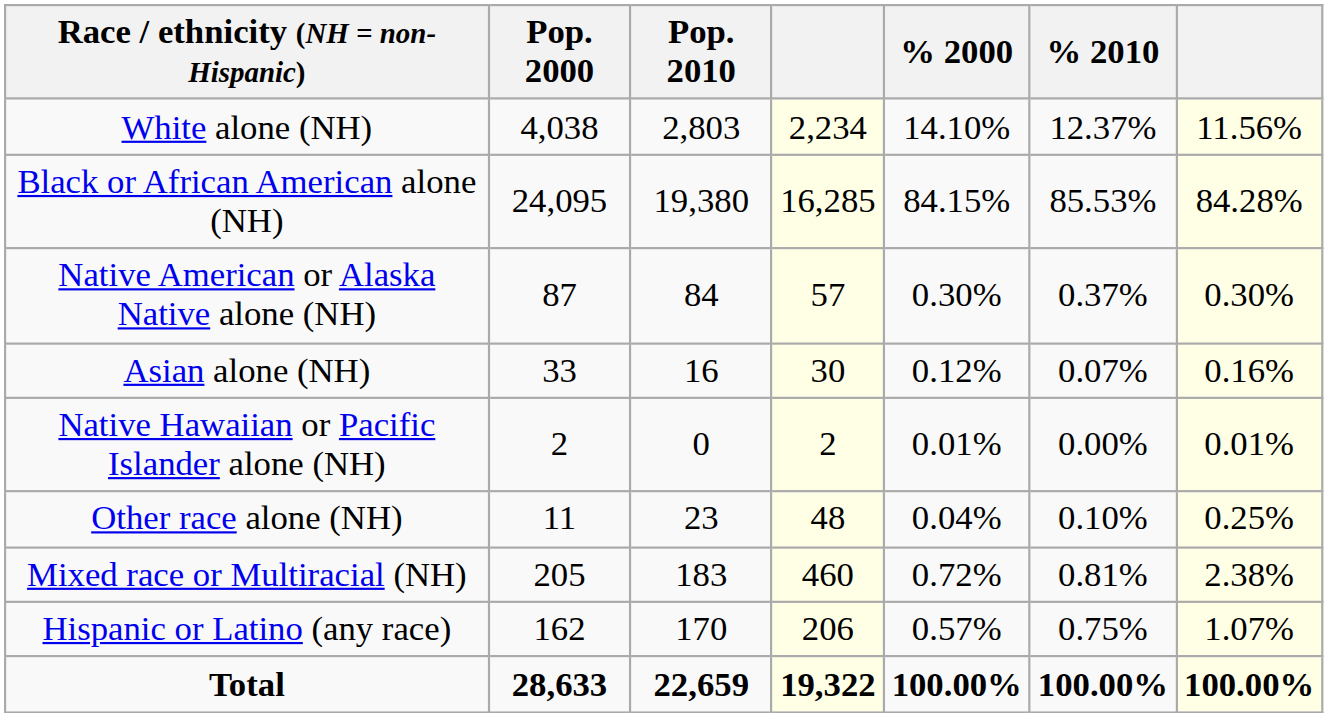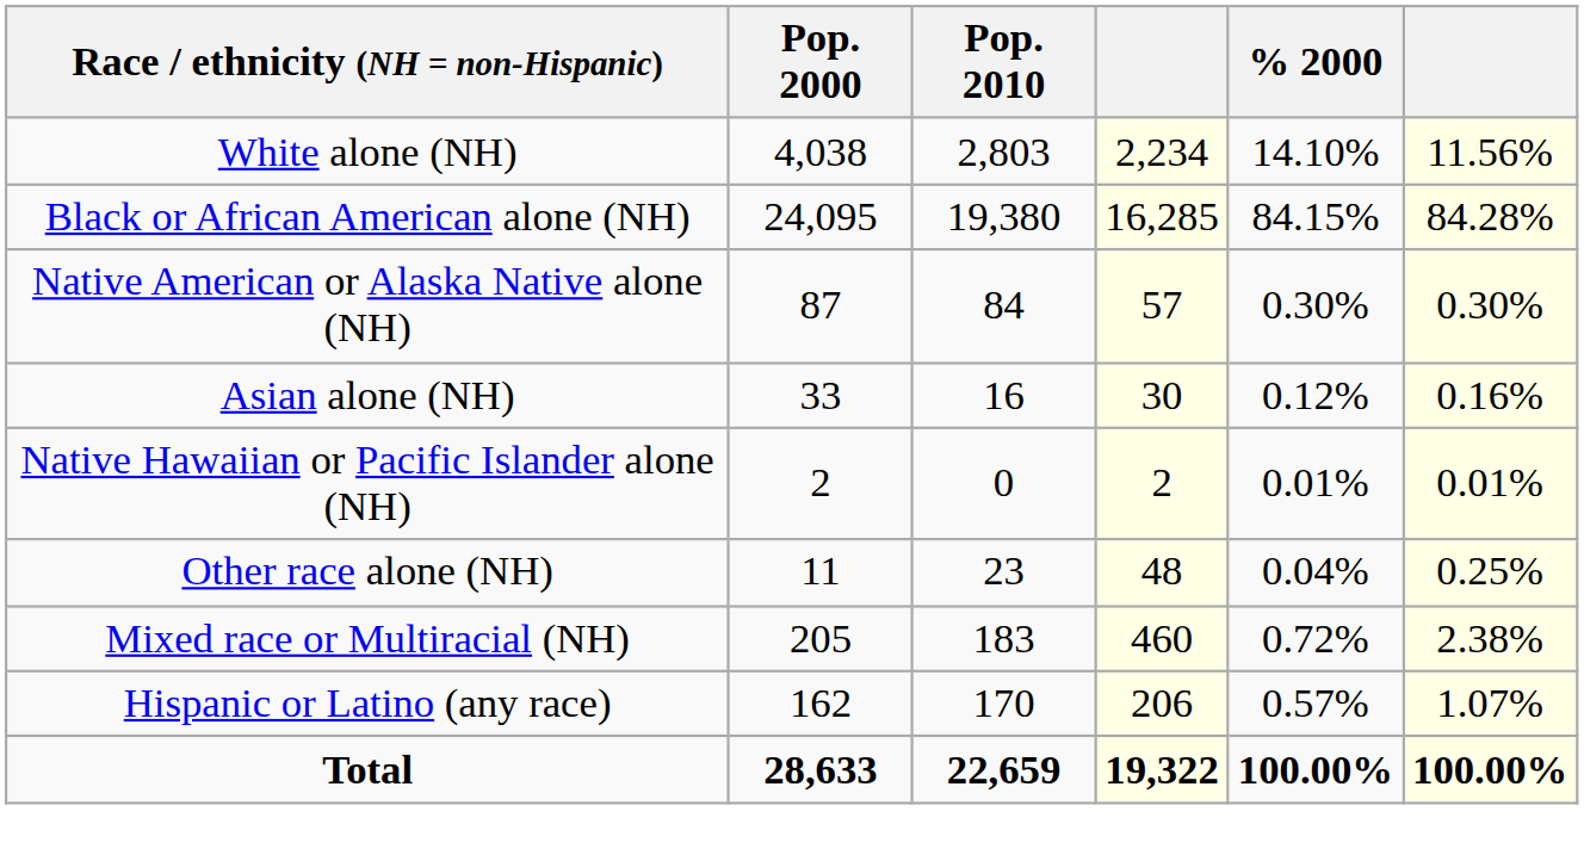 <table class="wikitable" style="text-align:center;">
 <tr>
 <th>Race / ethnicity <small>(<em>NH = non-Hispanic</em>)</small></th>
 <th>Pop. 2000</th>
 <th>Pop. 2010</th>
 <th></th>
 <th>% 2000</th>
-<th>% 2010</th>
 <th></th>
 </tr>
 <tr>
 <td><a href='#'>White</a> alone (NH)</td>
 <td>4,038</td>
 <td>2,803</td>
 <td style='background: #ffffe6;'>2,234</td>
 <td>14.10%</td>
-<td>12.37%</td>
 <td style='background: #ffffe6;'>11.56%</td>
 </tr>
 <tr>
 <td><a href='#'>Black or African American</a> alone (NH)</td>
 <td>24,095</td>
 <td>19,380</td>
 <td style='background: #ffffe6;'>16,285</td>
 <td>84.15%</td>
-<td>85.53%</td>
 <td style='background: #ffffe6;'>84.28%</td>
 </tr>
 <tr>
 <td><a href='#'>Native American</a> or <a href='#'>Alaska Native</a> alone (NH)</td>
 <td>87</td>
 <td>84</td>
 <td style='background: #ffffe6;'>57</td>
 <td>0.30%</td>
-<td>0.37%</td>
 <td style='background: #ffffe6;'>0.30%</td>
 </tr>
 <tr>
 <td><a href='#'>Asian</a> alone (NH)</td>
 <td>33</td>
 <td>16</td>
 <td style='background: #ffffe6;'>30</td>
 <td>0.12%</td>
-<td>0.07%</td>
 <td style='background: #ffffe6;'>0.16%</td>
 </tr>
 <tr>
 <td><a href='#'>Native Hawaiian</a> or <a href='#'>Pacific Islander</a> alone (NH)</td>
 <td>2</td>
 <td>0</td>
 <td style='background: #ffffe6;'>2</td>
 <td>0.01%</td>
-<td>0.00%</td>
 <td style='background: #ffffe6;'>0.01%</td>
 </tr>
 <tr>
 <td><a href='#'>Other race</a> alone (NH)</td>
 <td>11</td>
 <td>23</td>
 <td style='background: #ffffe6;'>48</td>
 <td>0.04%</td>
-<td>0.10%</td>
 <td style='background: #ffffe6;'>0.25%</td>
 </tr>
 <tr>
 <td><a href='#'>Mixed race or Multiracial</a> (NH)</td>
 <td>205</td>
 <td>183</td>
 <td style='background: #ffffe6;'>460</td>
 <td>0.72%</td>
-<td>0.81%</td>
 <td style='background: #ffffe6;'>2.38%</td>
 </tr>
 <tr>
 <td><a href='#'>Hispanic or Latino</a> (any race)</td>
 <td>162</td>
 <td>170</td>
 <td style='background: #ffffe6;'>206</td>
 <td>0.57%</td>
-<td>0.75%</td>
 <td style='background: #ffffe6;'>1.07%</td>
 </tr>
 <tr>
 <td><strong>Total</strong></td>
 <td><strong>28,633</strong></td>
 <td><strong>22,659</strong></td>
 <td style='background: #ffffe6;'><strong>19,322</strong></td>
 <td><strong>100.00%</strong></td>
-<td><strong>100.00%</strong></td>
 <td style='background: #ffffe6;'><strong>100.00%</strong></td>
 </tr>
 </table>
